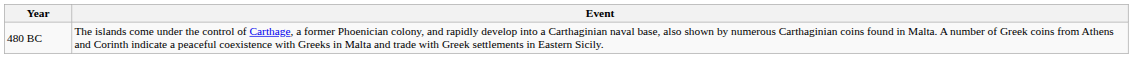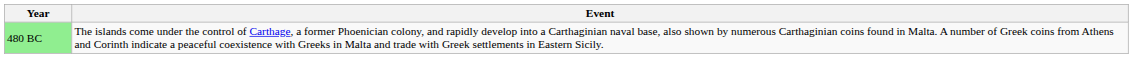 <table class="wikitable" width="100%">
 <tr>
 <th style="width:6%">Year</th>
 <th>Event</th>
 </tr>
 <tr>
-<td>480 BC</td>
+<td style="background: lightgreen;">480 BC</td>
 <td>The islands come under the control of <a href='#'>Carthage</a>, a former Phoenician colony, and rapidly develop into a Carthaginian naval base, also shown by numerous Carthaginian coins found in Malta. A number of Greek coins from Athens and Corinth  indicate a peaceful coexistence with Greeks in Malta and trade with Greek settlements in Eastern Sicily.</td>
 </tr>
 </table>
